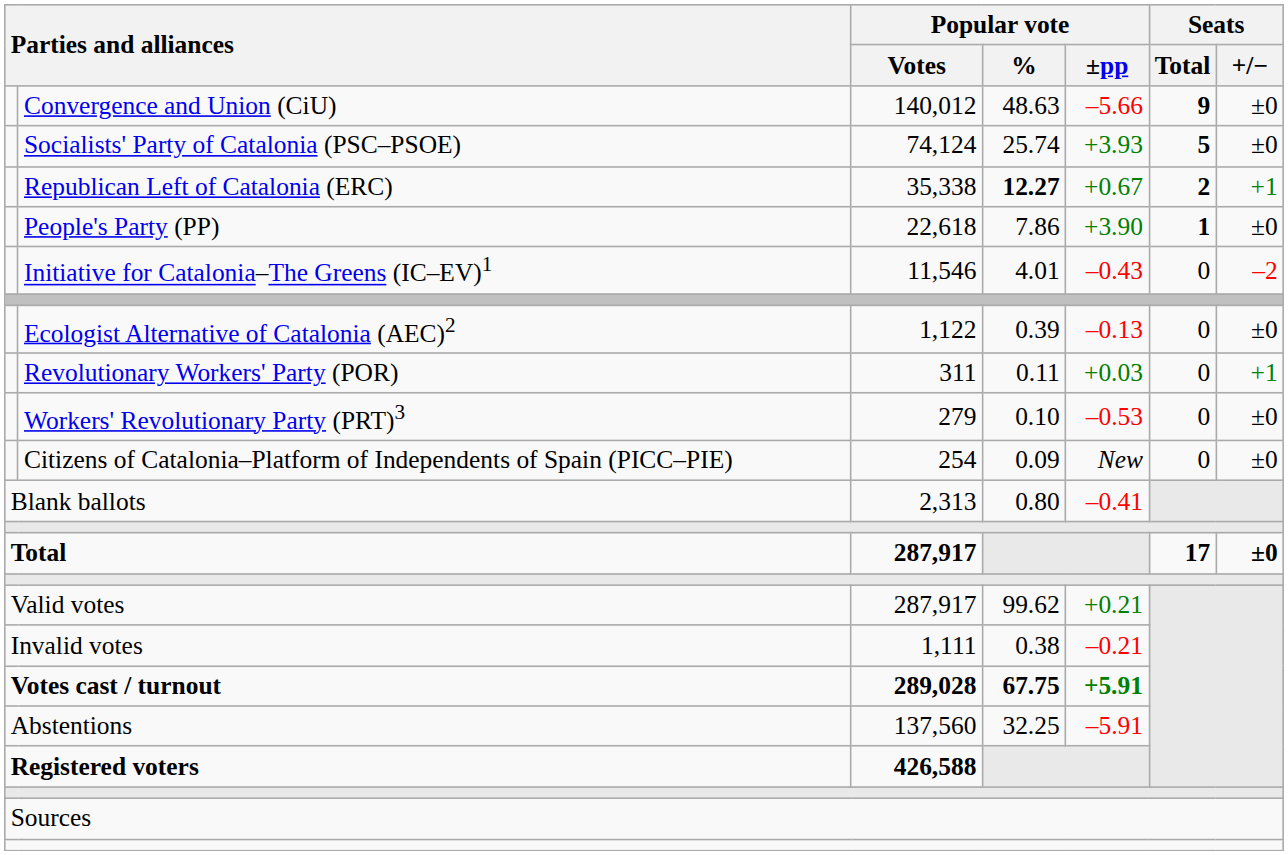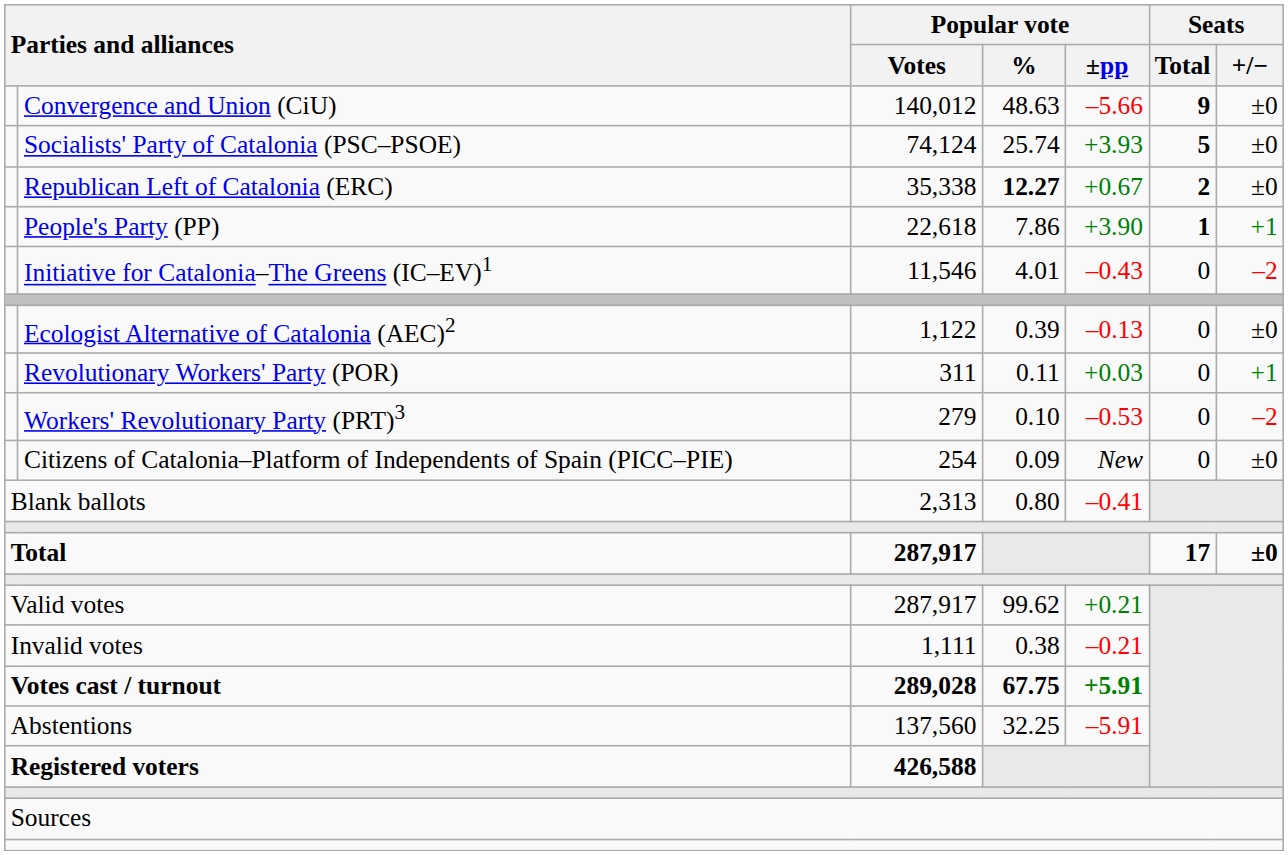 <table class="wikitable" style="text-align:right;">
 <tr>
 <th style="text-align:left;" rowspan="2" colspan="2" width="525">Parties and alliances</th>
 <th colspan="3">Popular vote</th>
 <th colspan="2">Seats</th>
 </tr>
 <tr>
 <th width="75">Votes</th>
 <th width="45">%</th>
 <th width="45">±<a href='#'>pp</a></th>
 <th width="35">Total</th>
 <th width="35">+/−</th>
 </tr>
 <tr>
 <td width="1" style="color:inherit;background:"></td>
 <td align="left"><a href='#'>Convergence and Union</a> (CiU)</td>
 <td>140,012</td>
 <td>48.63</td>
 <td style="color:red;">–5.66</td>
 <td><strong>9</strong></td>
 <td>±0</td>
 </tr>
 <tr>
 <td style="color:inherit;background:"></td>
 <td align="left"><a href='#'>Socialists' Party of Catalonia</a> (PSC–PSOE)</td>
 <td>74,124</td>
 <td>25.74</td>
 <td style="color:green;">+3.93</td>
 <td><strong>5</strong></td>
 <td>±0</td>
 </tr>
 <tr>
 <td style="color:inherit;background:"></td>
 <td align="left"><a href='#'>Republican Left of Catalonia</a> (ERC)</td>
 <td>35,338</td>
 <td><strong>12.27</strong></td>
 <td style="color:green;">+0.67</td>
 <td><strong>2</strong></td>
-<td style="color:green;">+1</td>
+<td>±0</td>
 </tr>
 <tr>
 <td style="color:inherit;background:"></td>
 <td align="left"><a href='#'>People's Party</a> (PP)</td>
 <td>22,618</td>
 <td>7.86</td>
 <td style="color:green;">+3.90</td>
 <td><strong>1</strong></td>
-<td>±0</td>
+<td style="color:green;">+1</td>
 </tr>
 <tr>
 <td style="color:inherit;background:"></td>
 <td align="left"><a href='#'>Initiative for Catalonia</a>–<a href='#'>The Greens</a> (IC–EV)<sup>1</sup></td>
 <td>11,546</td>
 <td>4.01</td>
 <td style="color:red;">–0.43</td>
 <td>0</td>
 <td style="color:red;">–2</td>
 </tr>
 <tr>
 <td colspan="7" bgcolor="#C0C0C0"></td>
 </tr>
 <tr>
 <td style="color:inherit;background:"></td>
 <td align="left"><a href='#'>Ecologist Alternative of Catalonia</a> (AEC)<sup>2</sup></td>
 <td>1,122</td>
 <td>0.39</td>
 <td style="color:red;">–0.13</td>
 <td>0</td>
 <td>±0</td>
 </tr>
 <tr>
 <td style="color:inherit;background:"></td>
 <td align="left"><a href='#'>Revolutionary Workers' Party</a> (POR)</td>
 <td>311</td>
 <td>0.11</td>
 <td style="color:green;">+0.03</td>
 <td>0</td>
 <td style="color:green;">+1</td>
 </tr>
 <tr>
 <td style="color:inherit;background:"></td>
 <td align="left"><a href='#'>Workers' Revolutionary Party</a> (PRT)<sup>3</sup></td>
 <td>279</td>
 <td>0.10</td>
 <td style="color:red;">–0.53</td>
 <td>0</td>
-<td>±0</td>
+<td style="color:red;">–2</td>
 </tr>
 <tr>
 <td style="color:inherit;background:"></td>
 <td align="left">Citizens of Catalonia–Platform of Independents of Spain (PICC–PIE)</td>
 <td>254</td>
 <td>0.09</td>
 <td><em>New</em></td>
 <td>0</td>
 <td>±0</td>
 </tr>
 <tr>
 <td align="left" colspan="2">Blank ballots</td>
 <td>2,313</td>
 <td>0.80</td>
 <td style="color:red;">–0.41</td>
 <td bgcolor="#E9E9E9" colspan="2"></td>
 </tr>
 <tr>
 <td colspan="7" bgcolor="#E9E9E9"></td>
 </tr>
 <tr style="font-weight:bold;">
 <td align="left" colspan="2">Total</td>
 <td>287,917</td>
 <td bgcolor="#E9E9E9" colspan="2"></td>
 <td>17</td>
 <td>±0</td>
 </tr>
 <tr>
 <td colspan="7" bgcolor="#E9E9E9"></td>
 </tr>
 <tr>
 <td align="left" colspan="2">Valid votes</td>
 <td>287,917</td>
 <td>99.62</td>
 <td style="color:green;">+0.21</td>
 <td bgcolor="#E9E9E9" colspan="2" rowspan="5"></td>
 </tr>
 <tr>
 <td align="left" colspan="2">Invalid votes</td>
 <td>1,111</td>
 <td>0.38</td>
 <td style="color:red;">–0.21</td>
 </tr>
 <tr style="font-weight:bold;">
 <td align="left" colspan="2">Votes cast / turnout</td>
 <td>289,028</td>
 <td>67.75</td>
 <td style="color:green;">+5.91</td>
 </tr>
 <tr>
 <td align="left" colspan="2">Abstentions</td>
 <td>137,560</td>
 <td>32.25</td>
 <td style="color:red;">–5.91</td>
 </tr>
 <tr style="font-weight:bold;">
 <td align="left" colspan="2">Registered voters</td>
 <td>426,588</td>
 <td bgcolor="#E9E9E9" colspan="2"></td>
 </tr>
 <tr>
 <td colspan="7" bgcolor="#E9E9E9"></td>
 </tr>
 <tr>
 <td align="left" colspan="7">Sources</td>
 </tr>
 <tr>
 <td colspan="7" style="text-align:left; max-width:790px;"></td>
 </tr>
 </table>
